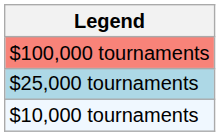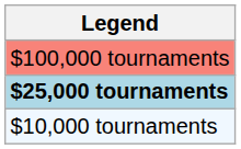 <table class="wikitable" style="font-size:90%;">
 <tr>
 <th>Legend</th>
 </tr>
 <tr style="background:#f88379;">
 <td>$100,000 tournaments</td>
 </tr>
 <tr style="background:lightblue;">
-<td>$25,000 tournaments</td>
+<td><strong>$25,000 tournaments</strong></td>
 </tr>
 <tr style="background:#f0f8ff;">
 <td>$10,000 tournaments</td>
 </tr>
 </table>
